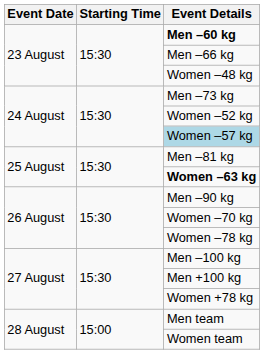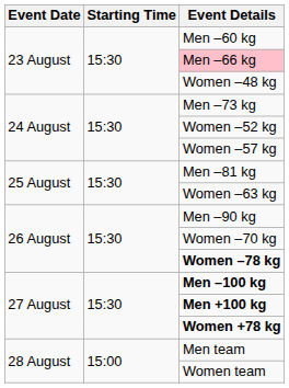 <table class="wikitable">
 <tr>
 <th>Event Date</th>
 <th>Starting Time</th>
 <th>Event Details</th>
 </tr>
 <tr>
 <td rowspan=3>23 August</td>
 <td rowspan=3>15:30</td>
-<td><strong>Men –60 kg</strong></td>
+<td>Men –60 kg</td>
 </tr>
 <tr>
-<td>Men –66 kg</td>
+<td style="background: pink;">Men –66 kg</td>
 </tr>
 <tr>
 <td>Women –48 kg</td>
 </tr>
 <tr>
 <td rowspan=3>24 August</td>
 <td rowspan=3>15:30</td>
 <td>Men –73 kg</td>
 </tr>
 <tr>
 <td>Women –52 kg</td>
 </tr>
 <tr>
-<td style="background: lightblue;">Women –57 kg</td>
+<td>Women –57 kg</td>
 </tr>
 <tr>
 <td rowspan=2>25 August</td>
 <td rowspan=2>15:30</td>
 <td>Men –81 kg</td>
 </tr>
 <tr>
-<td><strong>Women –63 kg</strong></td>
+<td>Women –63 kg</td>
 </tr>
 <tr>
 <td rowspan=3>26 August</td>
 <td rowspan=3>15:30</td>
 <td>Men –90 kg</td>
 </tr>
 <tr>
 <td>Women –70 kg</td>
 </tr>
 <tr>
-<td>Women –78 kg</td>
+<td><strong>Women –78 kg</strong></td>
 </tr>
 <tr>
 <td rowspan=3>27 August</td>
 <td rowspan=3>15:30</td>
-<td>Men –100 kg</td>
+<td><strong>Men –100 kg</strong></td>
 </tr>
 <tr>
-<td>Men +100 kg</td>
+<td><strong>Men +100 kg</strong></td>
 </tr>
 <tr>
-<td>Women +78 kg</td>
+<td><strong>Women +78 kg</strong></td>
 </tr>
 <tr>
 <td rowspan=2>28 August</td>
 <td rowspan=2>15:00</td>
 <td>Men team</td>
 </tr>
 <tr>
 <td>Women team</td>
 </tr>
 </table>
